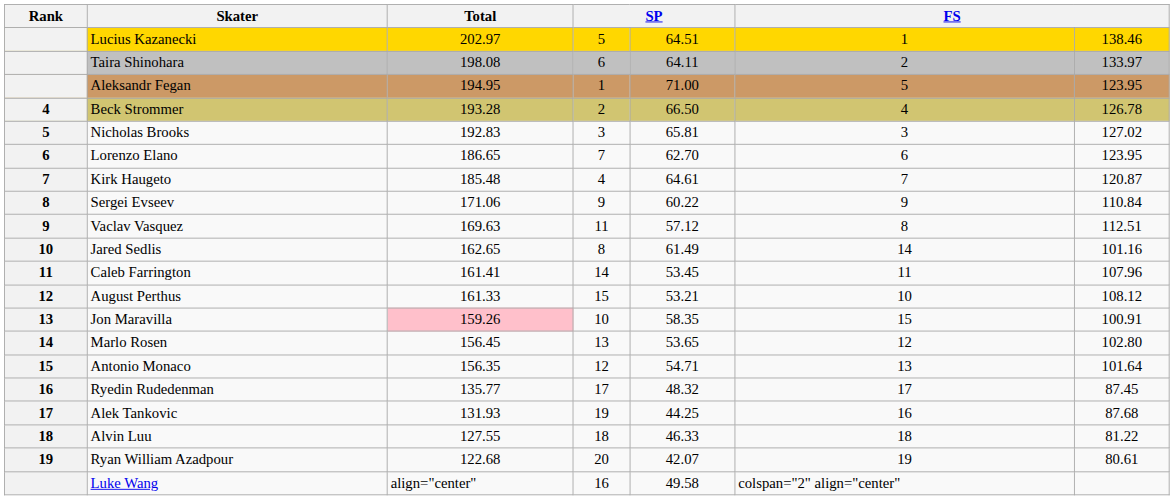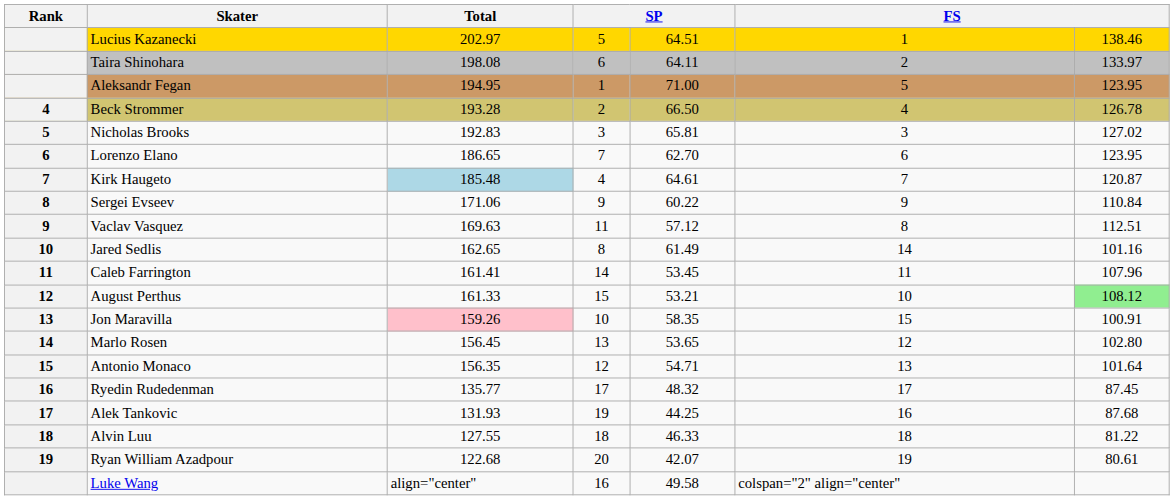 <table class="wikitable sortable" style="text-align:left; width:80%">
 <tr>
 <th scope="col">Rank</th>
 <th scope="col">Skater</th>
 <th scope="col">Total</th>
 <th scope="col" colspan="2" width="80px"><a href='#'>SP</a></th>
 <th scope="col" colspan="2" width="80px"><a href='#'>FS</a></th>
 </tr>
 <tr bgcolor="gold">
 <th scope="row"></th>
 <td>Lucius Kazanecki</td>
 <td align="center">202.97</td>
 <td align="center">5</td>
 <td align="center">64.51</td>
 <td align="center">1</td>
 <td align="center">138.46</td>
 </tr>
 <tr bgcolor="silver">
 <th scope="row"></th>
 <td>Taira Shinohara</td>
 <td align="center">198.08</td>
 <td align="center">6</td>
 <td align="center">64.11</td>
 <td align="center">2</td>
 <td align="center">133.97</td>
 </tr>
 <tr bgcolor="cc9966">
 <th scope="row"></th>
 <td>Aleksandr Fegan</td>
 <td align="center">194.95</td>
 <td align="center">1</td>
 <td align="center">71.00</td>
 <td align="center">5</td>
 <td align="center">123.95</td>
 </tr>
 <tr bgcolor="#d1c571">
 <th scope="row">4</th>
 <td>Beck Strommer</td>
 <td align="center">193.28</td>
 <td align="center">2</td>
 <td align="center">66.50</td>
 <td align="center">4</td>
 <td align="center">126.78</td>
 </tr>
 <tr>
 <th scope="row">5</th>
 <td>Nicholas Brooks</td>
 <td align="center">192.83</td>
 <td align="center">3</td>
 <td align="center">65.81</td>
 <td align="center">3</td>
 <td align="center">127.02</td>
 </tr>
 <tr>
 <th scope="row">6</th>
 <td>Lorenzo Elano</td>
 <td align="center">186.65</td>
 <td align="center">7</td>
 <td align="center">62.70</td>
 <td align="center">6</td>
 <td align="center">123.95</td>
 </tr>
 <tr>
 <th scope="row">7</th>
 <td>Kirk Haugeto</td>
-<td align="center">185.48</td>
+<td align="center" style="background: lightblue;">185.48</td>
 <td align="center">4</td>
 <td align="center">64.61</td>
 <td align="center">7</td>
 <td align="center">120.87</td>
 </tr>
 <tr>
 <th scope="row">8</th>
 <td>Sergei Evseev</td>
 <td align="center">171.06</td>
 <td align="center">9</td>
 <td align="center">60.22</td>
 <td align="center">9</td>
 <td align="center">110.84</td>
 </tr>
 <tr>
 <th scope="row">9</th>
 <td>Vaclav Vasquez</td>
 <td align="center">169.63</td>
 <td align="center">11</td>
 <td align="center">57.12</td>
 <td align="center">8</td>
 <td align="center">112.51</td>
 </tr>
 <tr>
 <th scope="row">10</th>
 <td>Jared Sedlis</td>
 <td align="center">162.65</td>
 <td align="center">8</td>
 <td align="center">61.49</td>
 <td align="center">14</td>
 <td align="center">101.16</td>
 </tr>
 <tr>
 <th scope="row">11</th>
 <td>Caleb Farrington</td>
 <td align="center">161.41</td>
 <td align="center">14</td>
 <td align="center">53.45</td>
 <td align="center">11</td>
 <td align="center">107.96</td>
 </tr>
 <tr>
 <th scope="row">12</th>
 <td>August Perthus</td>
 <td align="center">161.33</td>
 <td align="center">15</td>
 <td align="center">53.21</td>
 <td align="center">10</td>
-<td align="center">108.12</td>
+<td align="center" style="background: lightgreen;">108.12</td>
 </tr>
 <tr>
 <th scope="row">13</th>
 <td>Jon Maravilla</td>
 <td align="center" style="background: pink;">159.26</td>
 <td align="center">10</td>
 <td align="center">58.35</td>
 <td align="center">15</td>
 <td align="center">100.91</td>
 </tr>
 <tr>
 <th scope="row">14</th>
 <td>Marlo Rosen</td>
 <td align="center">156.45</td>
 <td align="center">13</td>
 <td align="center">53.65</td>
 <td align="center">12</td>
 <td align="center">102.80</td>
 </tr>
 <tr>
 <th scope="row">15</th>
 <td>Antonio Monaco</td>
 <td align="center">156.35</td>
 <td align="center">12</td>
 <td align="center">54.71</td>
 <td align="center">13</td>
 <td align="center">101.64</td>
 </tr>
 <tr>
 <th scope="row">16</th>
 <td>Ryedin Rudedenman</td>
 <td align="center">135.77</td>
 <td align="center">17</td>
 <td align="center">48.32</td>
 <td align="center">17</td>
 <td align="center">87.45</td>
 </tr>
 <tr>
 <th scope="row">17</th>
 <td>Alek Tankovic</td>
 <td align="center">131.93</td>
 <td align="center">19</td>
 <td align="center">44.25</td>
 <td align="center">16</td>
 <td align="center">87.68</td>
 </tr>
 <tr>
 <th scope="row">18</th>
 <td>Alvin Luu</td>
 <td align="center">127.55</td>
 <td align="center">18</td>
 <td align="center">46.33</td>
 <td align="center">18</td>
 <td align="center">81.22</td>
 </tr>
 <tr>
 <th scope="row">19</th>
 <td>Ryan William Azadpour</td>
 <td align="center">122.68</td>
 <td align="center">20</td>
 <td align="center">42.07</td>
 <td align="center">19</td>
 <td align="center">80.61</td>
 </tr>
 <tr>
 <th scope="row"></th>
 <td><a href='#'>Luke Wang</a></td>
 <td>align="center" </td>
 <td align="center">16</td>
 <td align="center">49.58</td>
 <td>colspan="2" align="center" </td>
 </tr>
 </table>
